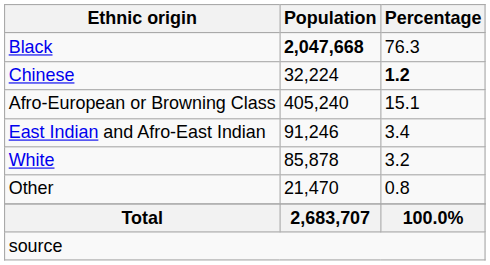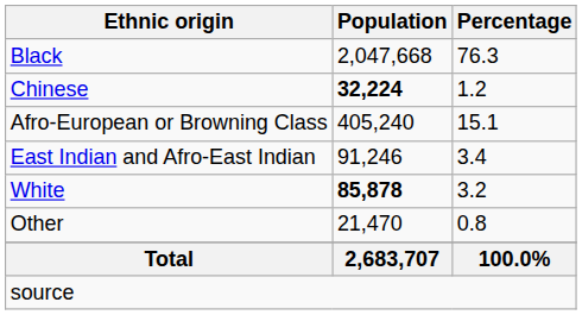 <table class="wikitable sortable" style="text-align:left">
 <tr>
 <th colspan="2">Ethnic origin</th>
 <th>Population</th>
 <th>Percentage</th>
 </tr>
 <tr>
 <td colspan="2"><a href='#'>Black</a></td>
-<td><strong>2,047,668</strong></td>
+<td>2,047,668</td>
 <td>76.3</td>
 </tr>
 <tr>
 <td colspan="2"><a href='#'>Chinese</a></td>
-<td>32,224</td>
-<td><strong>1.2</strong></td>
+<td><strong>32,224</strong></td>
+<td>1.2</td>
 </tr>
 <tr>
 <td colspan="2">Afro-European or Browning Class</td>
 <td>405,240</td>
 <td>15.1</td>
 </tr>
 <tr>
 <td colspan="2"><a href='#'>East Indian</a> and Afro-East Indian</td>
 <td>91,246</td>
 <td>3.4</td>
 </tr>
 <tr>
 <td colspan="2"><a href='#'>White</a></td>
-<td>85,878</td>
+<td><strong>85,878</strong></td>
 <td>3.2</td>
 </tr>
 <tr>
 <td colspan="2">Other</td>
 <td>21,470</td>
 <td>0.8</td>
 </tr>
 <tr>
 </tr>
 <tr>
 <th colspan="2">Total</th>
 <th>2,683,707</th>
 <th>100.0%</th>
 </tr>
 <tr>
 <td colspan="6" style="text-align:left;">source </td>
 </tr>
 </table>
